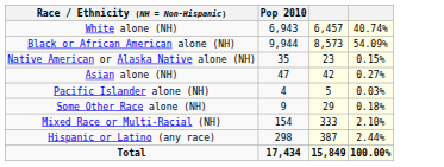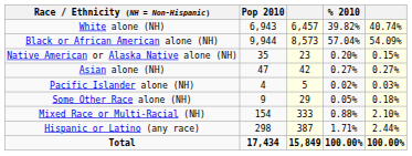 <table class="wikitable" style="text-align:center;">
 <tr>
 <th>Race / Ethnicity <small>(<em>NH = Non-Hispanic</em>)</small></th>
 <th>Pop 2010</th>
 <th></th>
+<th>% 2010</th>
 <th></th>
 </tr>
 <tr>
 <td><a href='#'>White</a> alone (NH)</td>
 <td>6,943</td>
 <td style='background: #ffffe6;'>6,457</td>
+<td>39.82%</td>
 <td style='background: #ffffe6;'>40.74%</td>
 </tr>
 <tr>
 <td><a href='#'>Black or African American</a> alone (NH)</td>
 <td>9,944</td>
 <td style='background: #ffffe6;'>8,573</td>
+<td>57.04%</td>
 <td style='background: #ffffe6;'>54.09%</td>
 </tr>
 <tr>
 <td><a href='#'>Native American</a> or <a href='#'>Alaska Native</a> alone (NH)</td>
 <td>35</td>
 <td style='background: #ffffe6;'>23</td>
+<td>0.20%</td>
 <td style='background: #ffffe6;'>0.15%</td>
 </tr>
 <tr>
 <td><a href='#'>Asian</a> alone (NH)</td>
 <td>47</td>
 <td style='background: #ffffe6;'>42</td>
+<td>0.27%</td>
 <td style='background: #ffffe6;'>0.27%</td>
 </tr>
 <tr>
 <td><a href='#'>Pacific Islander</a> alone (NH)</td>
 <td>4</td>
 <td style='background: #ffffe6;'>5</td>
+<td>0.02%</td>
 <td style='background: #ffffe6;'>0.03%</td>
 </tr>
 <tr>
 <td><a href='#'>Some Other Race</a> alone (NH)</td>
 <td>9</td>
 <td style='background: #ffffe6;'>29</td>
+<td>0.05%</td>
 <td style='background: #ffffe6;'>0.18%</td>
 </tr>
 <tr>
 <td><a href='#'>Mixed Race or Multi-Racial</a> (NH)</td>
 <td>154</td>
 <td style='background: #ffffe6;'>333</td>
+<td>0.88%</td>
 <td style='background: #ffffe6;'>2.10%</td>
 </tr>
 <tr>
 <td><a href='#'>Hispanic or Latino</a> (any race)</td>
 <td>298</td>
 <td style='background: #ffffe6;'>387</td>
+<td>1.71%</td>
 <td style='background: #ffffe6;'>2.44%</td>
 </tr>
 <tr>
 <td><strong>Total</strong></td>
 <td><strong>17,434</strong></td>
 <td style='background: #ffffe6;'><strong>15,849</strong></td>
+<td><strong>100.00%</strong></td>
 <td style='background: #ffffe6;'><strong>100.00%</strong></td>
 </tr>
 </table>
